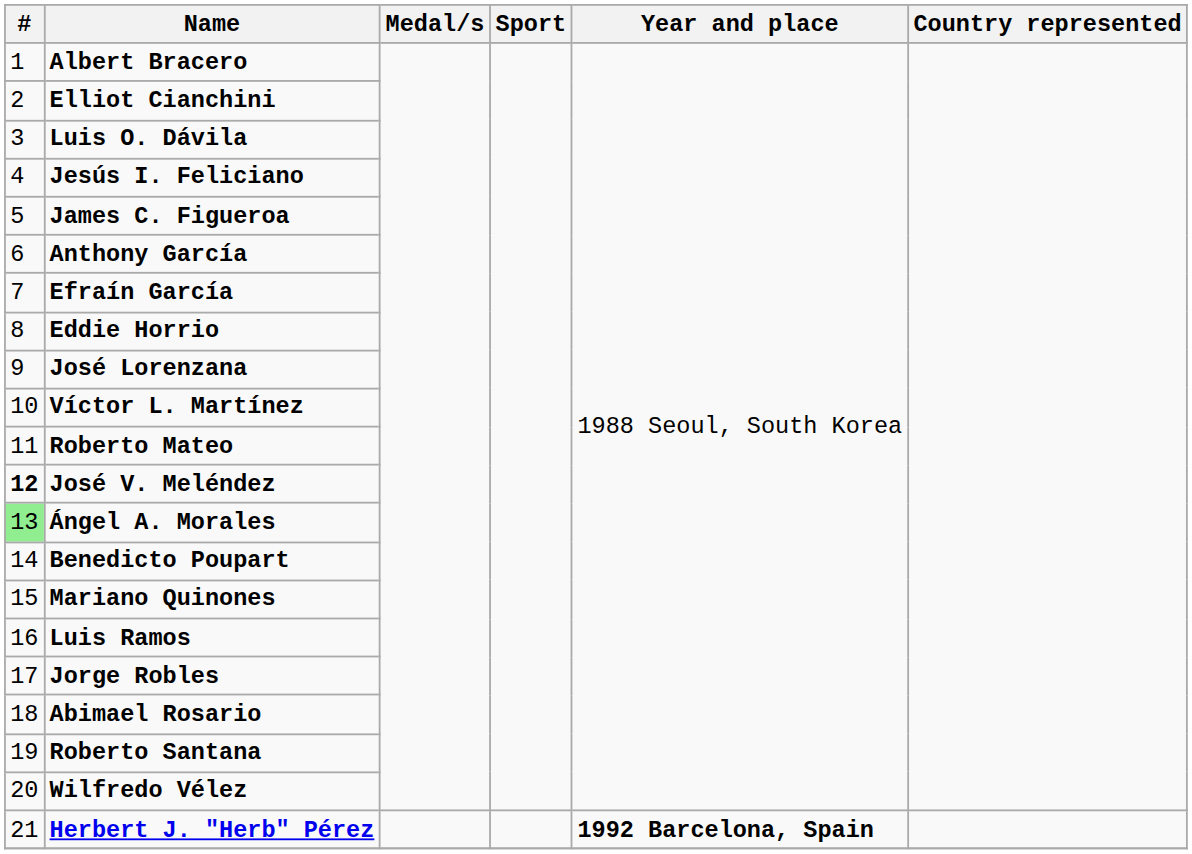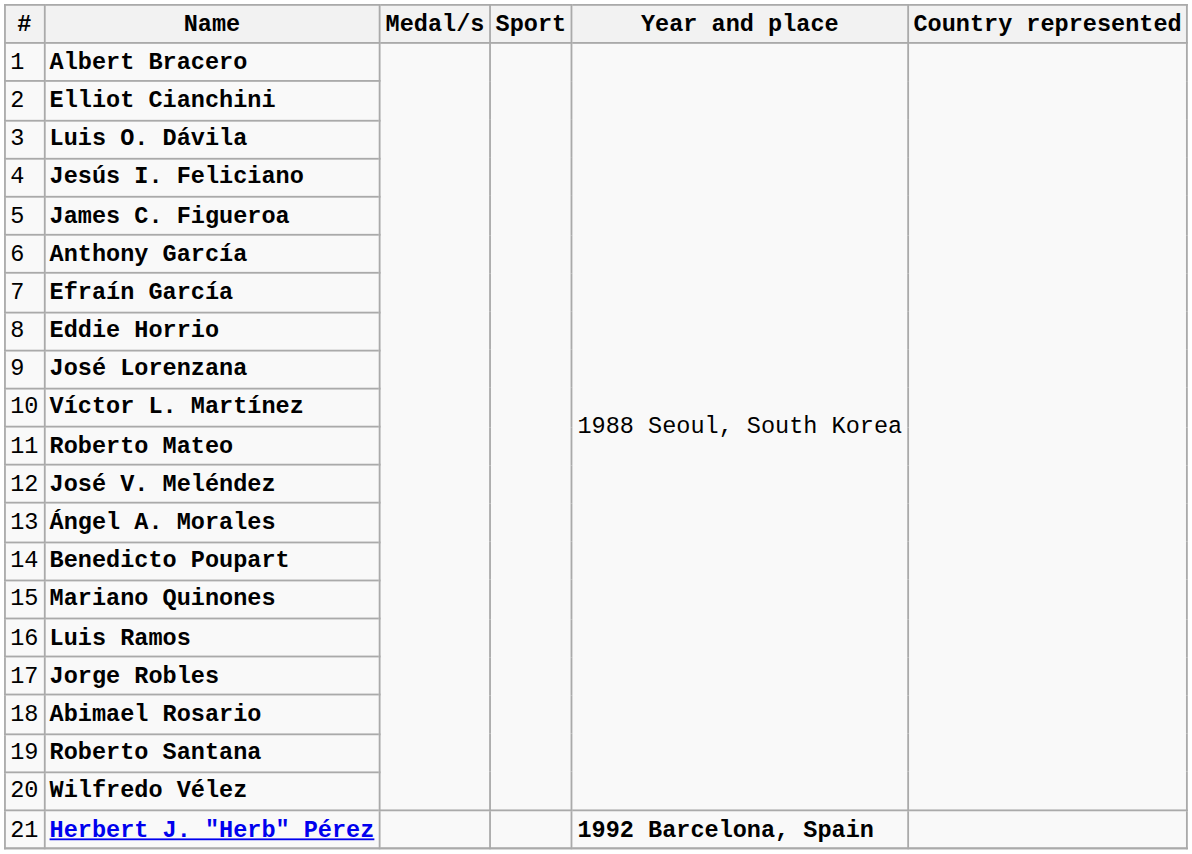 <table class="wikitable" style="margin: 1em auto;">
 <tr>
 <th>#</th>
 <th>Name</th>
 <th>Medal/s</th>
 <th>Sport</th>
 <th>Year and place</th>
 <th>Country represented</th>
 </tr>
 <tr>
 <td>1</td>
 <td><strong>Albert Bracero</strong></td>
 <td rowspan=20></td>
 <td rowspan=20></td>
 <td rowspan=20>1988 Seoul, South Korea</td>
 <td rowspan=20></td>
 </tr>
 <tr>
 <td>2</td>
 <td><strong>Elliot Cianchini</strong></td>
 </tr>
 <tr>
 <td>3</td>
 <td><strong>Luis O. Dávila</strong></td>
 </tr>
 <tr>
 <td>4</td>
 <td><strong>Jesús I. Feliciano</strong></td>
 </tr>
 <tr>
 <td>5</td>
 <td><strong>James C. Figueroa</strong></td>
 </tr>
 <tr>
 <td>6</td>
 <td><strong>Anthony García</strong></td>
 </tr>
 <tr>
 <td>7</td>
 <td><strong>Efraín García</strong></td>
 </tr>
 <tr>
 <td>8</td>
 <td><strong>Eddie Horrio</strong></td>
 </tr>
 <tr>
 <td>9</td>
 <td><strong>José Lorenzana</strong></td>
 </tr>
 <tr>
 <td>10</td>
 <td><strong>Víctor L. Martínez</strong></td>
 </tr>
 <tr>
 <td>11</td>
 <td><strong>Roberto Mateo</strong></td>
 </tr>
 <tr>
-<td><strong>12</strong></td>
+<td>12</td>
 <td><strong>José V. Meléndez</strong></td>
 </tr>
 <tr>
-<td style="background: lightgreen;">13</td>
+<td>13</td>
 <td><strong>Ángel A. Morales</strong></td>
 </tr>
 <tr>
 <td>14</td>
 <td><strong>Benedicto Poupart</strong></td>
 </tr>
 <tr>
 <td>15</td>
 <td><strong>Mariano Quinones</strong></td>
 </tr>
 <tr>
 <td>16</td>
 <td><strong>Luis Ramos</strong></td>
 </tr>
 <tr>
 <td>17</td>
 <td><strong>Jorge Robles</strong></td>
 </tr>
 <tr>
 <td>18</td>
 <td><strong>Abimael Rosario</strong></td>
 </tr>
 <tr>
 <td>19</td>
 <td><strong>Roberto Santana</strong></td>
 </tr>
 <tr>
 <td>20</td>
 <td><strong>Wilfredo Vélez</strong></td>
 </tr>
 <tr>
 <td>21</td>
 <td><strong><a href='#'>Herbert J. "Herb" Pérez</a></strong></td>
 <td></td>
 <td></td>
 <td><strong>1992 Barcelona, Spain</strong></td>
 <td></td>
 </tr>
 <tr>
 </tr>
 </table>
